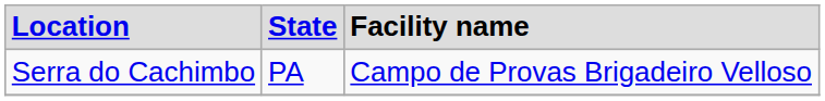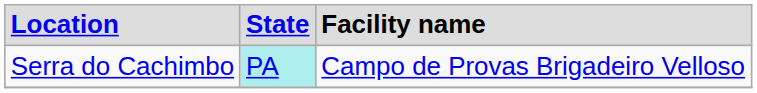 <table class="wikitable sortable">
 <tr valign=baseline style="font-weight:bold; background-color: #DDDDDD;">
 <td><a href='#'>Location</a></td>
 <td><a href='#'>State</a></td>
 <td>Facility name</td>
 </tr>
 <tr valign=top>
 <td><a href='#'>Serra do Cachimbo</a></td>
-<td><a href='#'>PA</a></td>
+<td style="background: paleturquoise;"><a href='#'>PA</a></td>
 <td><a href='#'>Campo de Provas Brigadeiro Velloso</a></td>
 </tr>
 <tr valign=top>
 </tr>
 </table>
